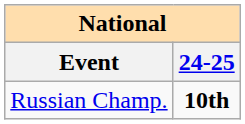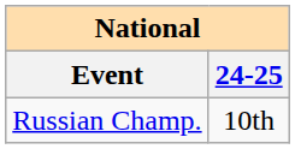 <table class="wikitable" style="text-align:center">
 <tr>
 <th style="background-color: #ffdead; " colspan=3 align=center>National</th>
 </tr>
 <tr>
 <th>Event</th>
 <th><a href='#'>24-25</a></th>
 </tr>
 <tr>
 <td align=left><a href='#'>Russian Champ.</a></td>
-<td><strong>10th</strong></td>
+<td>10th</td>
 </tr>
 </table>
